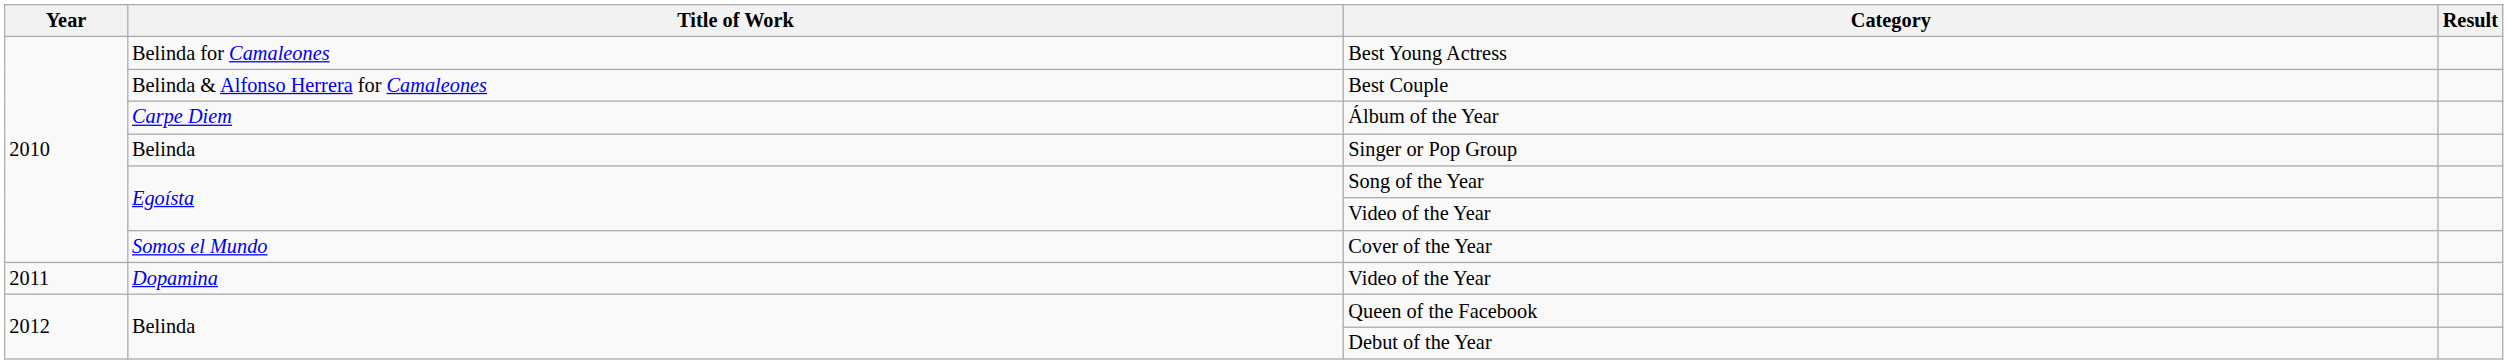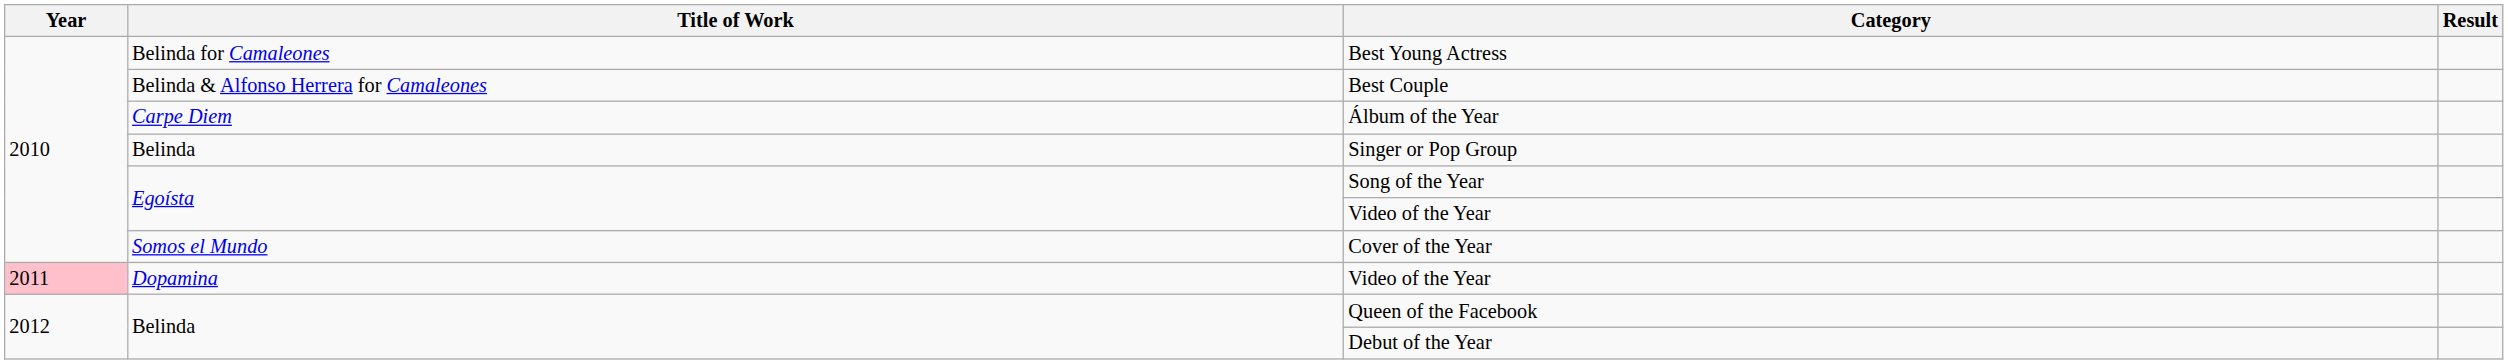 <table class="wikitable" style="table-layout: fixed;">
 <tr>
 <th style="width:5%;">Year</th>
 <th style="width:50%;">Title of Work</th>
 <th style="width:50%;">Category</th>
 <th style="width:10%;">Result</th>
 </tr>
 <tr>
 <td rowspan=7>2010</td>
 <td>Belinda for <em><a href='#'>Camaleones</a></em></td>
 <td>Best Young Actress</td>
 <td></td>
 </tr>
 <tr>
 <td>Belinda & <a href='#'>Alfonso Herrera</a> for <em><a href='#'>Camaleones</a></em></td>
 <td>Best Couple</td>
 <td></td>
 </tr>
 <tr>
 <td><em><a href='#'>Carpe Diem</a></em></td>
 <td>Álbum of the Year</td>
 <td></td>
 </tr>
 <tr>
 <td>Belinda</td>
 <td>Singer or Pop Group</td>
 <td></td>
 </tr>
 <tr>
 <td rowspan=2><em><a href='#'>Egoísta</a></em></td>
 <td>Song of the Year</td>
 <td></td>
 </tr>
 <tr>
 <td>Video of the Year</td>
 <td></td>
 </tr>
 <tr>
 <td><em><a href='#'>Somos el Mundo</a></em></td>
 <td>Cover of the Year</td>
 <td></td>
 </tr>
 <tr>
-<td>2011</td>
+<td style="background: pink;">2011</td>
 <td><em><a href='#'>Dopamina</a></em></td>
 <td>Video of the Year</td>
 <td></td>
 </tr>
 <tr>
 <td rowspan=2>2012</td>
 <td rowspan=2>Belinda</td>
 <td>Queen of the Facebook</td>
 <td></td>
 </tr>
 <tr>
 <td>Debut of the Year</td>
 <td></td>
 </tr>
 </table>
